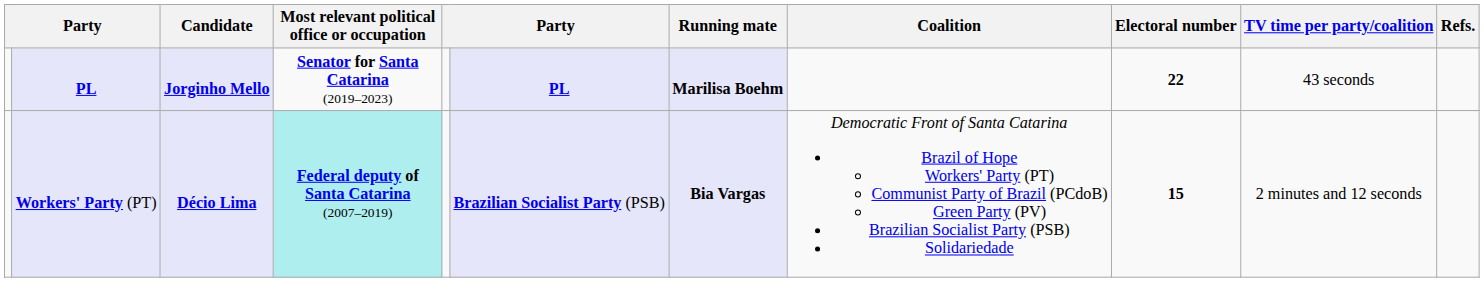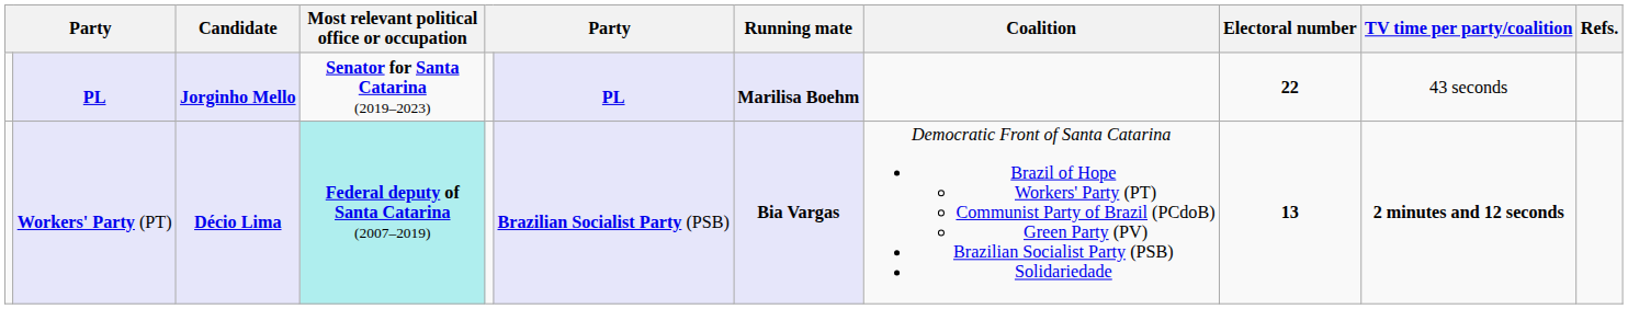 <table class="wikitable" style="text-align:center">
 <tr>
 <th colspan="2">Party</th>
 <th>Candidate</th>
 <th style="max-width:10em">Most relevant political office or occupation</th>
 <th colspan="2">Party</th>
 <th>Running mate</th>
 <th>Coalition</th>
 <th>Electoral number</th>
 <th><a href='#'>TV time per party/coalition</a></th>
 <th>Refs.</th>
 </tr>
 <tr>
 <td style="background:"></td>
 <td style="background:lavender;"><br><strong><a href='#'>PL</a></strong></td>
 <td style="background:lavender;"><br><strong><a href='#'>Jorginho Mello</a></strong></td>
 <td style="max-width:10em"><strong><a href='#'>Senator</a> for <a href='#'>Santa Catarina</a></strong><br><small>(2019–2023)</small></td>
 <td style="background:"></td>
 <td style="background:lavender;"><br><strong><a href='#'>PL</a></strong></td>
 <td style="background:lavender;"><br><strong>Marilisa Boehm</strong></td>
 <td></td>
 <td><strong>22</strong></td>
 <td>43 seconds</td>
 <td></td>
 </tr>
 <tr>
 <td style="background:"></td>
 <td style="background:lavender;"><br><strong><a href='#'>Workers' Party</a></strong> (PT)</td>
 <td style="background:lavender;"><br><strong><a href='#'>Décio Lima</a></strong></td>
 <td style="background: paleturquoise; max-width:10em"><strong><a href='#'>Federal deputy</a> of <a href='#'>Santa Catarina</a></strong><br><small>(2007–2019)</small></td>
 <td style="background:"></td>
 <td style="background:lavender;"><br><strong><a href='#'>Brazilian Socialist Party</a></strong> (PSB)</td>
 <td style="background:lavender;"><strong>Bia Vargas</strong></td>
 <td><em>Democratic Front of Santa Catarina</em><br><ul><li><a href='#'>Brazil of Hope</a><ul><li><a href='#'>Workers' Party</a> (PT)</li><li><a href='#'>Communist Party of Brazil</a> (PCdoB)</li><li><a href='#'>Green Party</a> (PV)</li></ul></li><li><a href='#'>Brazilian Socialist Party</a> (PSB)</li><li><a href='#'>Solidariedade</a></li></ul></td>
-<td><strong>15</strong></td>
-<td>2 minutes and 12 seconds</td>
+<td><strong>13</strong></td>
+<td><strong>2 minutes and 12 seconds</strong></td>
 <td></td>
 </tr>
 </table>
